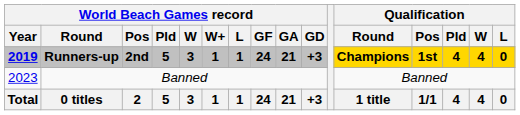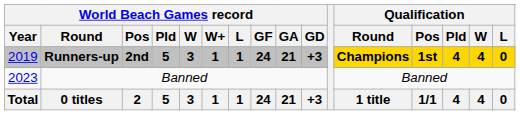 <table class="wikitable" style="text-align: center;">
 <tr>
 <th colspan=10><a href='#'>World Beach Games</a> record</th>
 <th rowspan=5></th>
 <th colspan=5>Qualification</th>
 </tr>
 <tr>
 <th>Year</th>
 <th>Round</th>
 <th width=20>Pos</th>
 <th width=20>Pld</th>
 <th width=20>W</th>
 <th width=20>W+</th>
 <th width=20>L</th>
 <th width=20>GF</th>
 <th width=20>GA</th>
 <th width=20>GD</th>
 <th>Round</th>
 <th width=20>Pos</th>
 <th width=20>Pld</th>
 <th width=20>W</th>
 <th width=20>L</th>
 </tr>
 <tr style="background:silver;">
-<td><strong> <a href='#'>2019</a></strong></td>
+<td> <a href='#'>2019</a></td>
 <td><strong>Runners-up</strong></td>
 <td><strong>2nd</strong></td>
 <td><strong>5</strong></td>
 <td><strong>3</strong></td>
 <td><strong>1</strong></td>
 <td><strong>1</strong></td>
 <td><strong>24</strong></td>
 <td><strong>21</strong></td>
 <td><strong>+3</strong></td>
 <td bgcolor=gold><strong>Champions</strong></td>
 <td bgcolor=gold><strong>1st</strong></td>
 <td bgcolor=gold><strong>4</strong></td>
 <td bgcolor=gold><strong>4</strong></td>
 <td bgcolor=gold><strong>0</strong></td>
 </tr>
 <tr>
 <td> <a href='#'>2023</a></td>
 <td colspan=9><em>Banned</em></td>
 <td colspan=5><em>Banned</em></td>
 </tr>
 <tr>
 <th>Total</th>
 <th>0 titles</th>
 <th>2</th>
 <th>5</th>
 <th>3</th>
 <th>1</th>
 <th>1</th>
 <th>24</th>
 <th>21</th>
 <th>+3</th>
 <th>1 title</th>
 <th>1/1</th>
 <th>4</th>
 <th>4</th>
 <th>0</th>
 </tr>
 </table>
